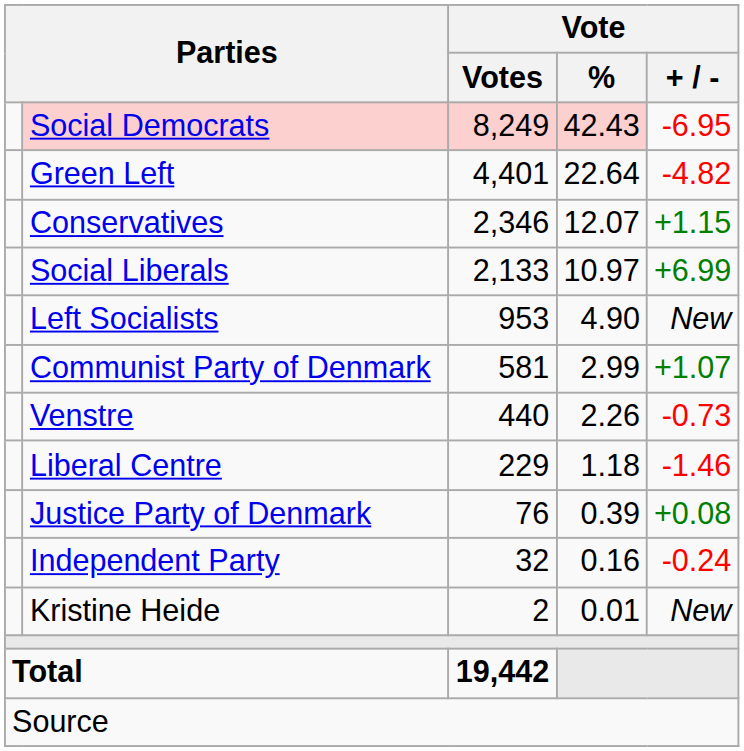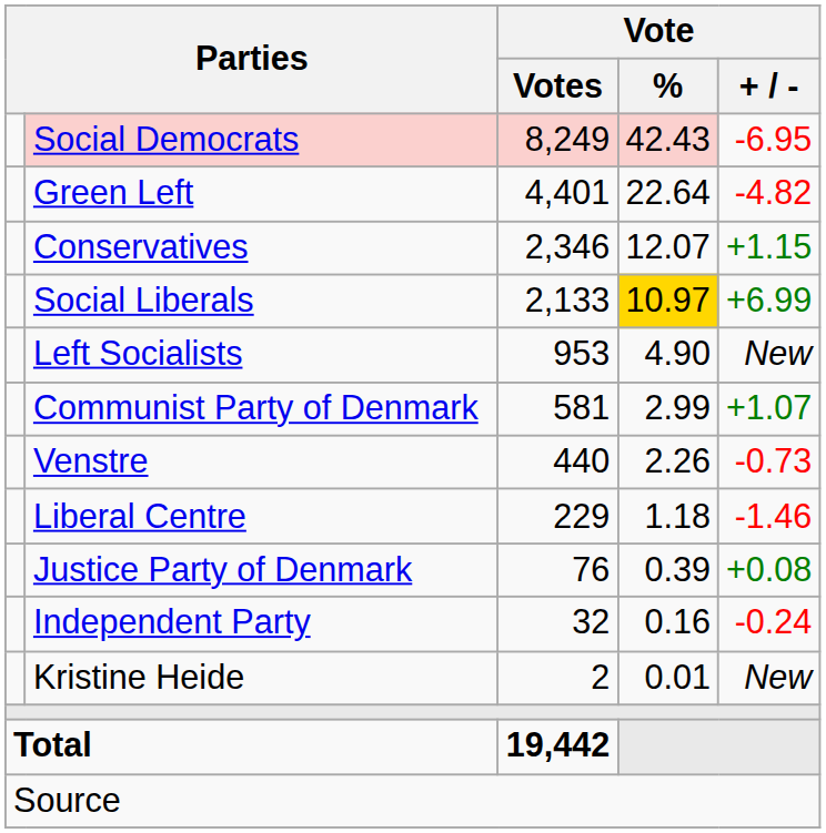 <table class="wikitable" style="text-align:right;">
 <tr>
 <th style="text-align:centre;" rowspan="2" colspan="2" width="225">Parties</th>
 <th colspan="3">Vote</th>
 </tr>
 <tr>
 <th width="15">Votes</th>
 <th width="15">%</th>
 <th width="15">+ / -</th>
 </tr>
 <tr>
 <td width="2" style="color:inherit;background:"></td>
 <td bgcolor=#fbd0ce  align="left"><a href='#'>Social Democrats</a></td>
 <td bgcolor=#fbd0ce>8,249</td>
 <td bgcolor=#fbd0ce>42.43</td>
 <td style=color:red;>-6.95</td>
 </tr>
 <tr>
 <td width="2" style="color:inherit;background:"></td>
 <td align="left"><a href='#'>Green Left</a></td>
 <td>4,401</td>
 <td>22.64</td>
 <td style=color:red;>-4.82</td>
 </tr>
 <tr>
 <td width="2" style="color:inherit;background:"></td>
 <td align="left"><a href='#'>Conservatives</a></td>
 <td>2,346</td>
 <td>12.07</td>
 <td style=color:green;>+1.15</td>
 </tr>
 <tr>
 <td width="2" style="color:inherit;background:"></td>
 <td align="left"><a href='#'>Social Liberals</a></td>
 <td>2,133</td>
-<td>10.97</td>
+<td style="background: gold;">10.97</td>
 <td style=color:green;>+6.99</td>
 </tr>
 <tr>
 <td width="2" style="color:inherit;background:"></td>
 <td align="left"><a href='#'>Left Socialists</a></td>
 <td>953</td>
 <td>4.90</td>
 <td><em>New</em></td>
 </tr>
 <tr>
 <td width="2" style="color:inherit;background:"></td>
 <td align="left"><a href='#'>Communist Party of Denmark</a></td>
 <td>581</td>
 <td>2.99</td>
 <td style=color:green;>+1.07</td>
 </tr>
 <tr>
 <td width="2" style="color:inherit;background:"></td>
 <td align="left"><a href='#'>Venstre</a></td>
 <td>440</td>
 <td>2.26</td>
 <td style=color:red;>-0.73</td>
 </tr>
 <tr>
 <td width="2" style="color:inherit;background:"></td>
 <td align="left"><a href='#'>Liberal Centre</a></td>
 <td>229</td>
 <td>1.18</td>
 <td style=color:red;>-1.46</td>
 </tr>
 <tr>
 <td width="2" style="color:inherit;background:"></td>
 <td align="left"><a href='#'>Justice Party of Denmark</a></td>
 <td>76</td>
 <td>0.39</td>
 <td style=color:green;>+0.08</td>
 </tr>
 <tr>
 <td width="2" style="color:inherit;background:"></td>
 <td align="left"><a href='#'>Independent Party</a></td>
 <td>32</td>
 <td>0.16</td>
 <td style=color:red;>-0.24</td>
 </tr>
 <tr>
 <td width="2" style="color:inherit;background:"></td>
 <td align="left">Kristine Heide</td>
 <td>2</td>
 <td>0.01</td>
 <td><em>New</em></td>
 </tr>
 <tr>
 <td colspan="7" bgcolor="#E9E9E9"></td>
 </tr>
 <tr>
 <td align="left" colspan="2"><strong>Total</strong></td>
 <td><strong>19,442</strong></td>
 <td bgcolor="#E9E9E9" colspan="2"></td>
 </tr>
 <tr>
 <td align="left" colspan="6">Source</td>
 </tr>
 </table>
